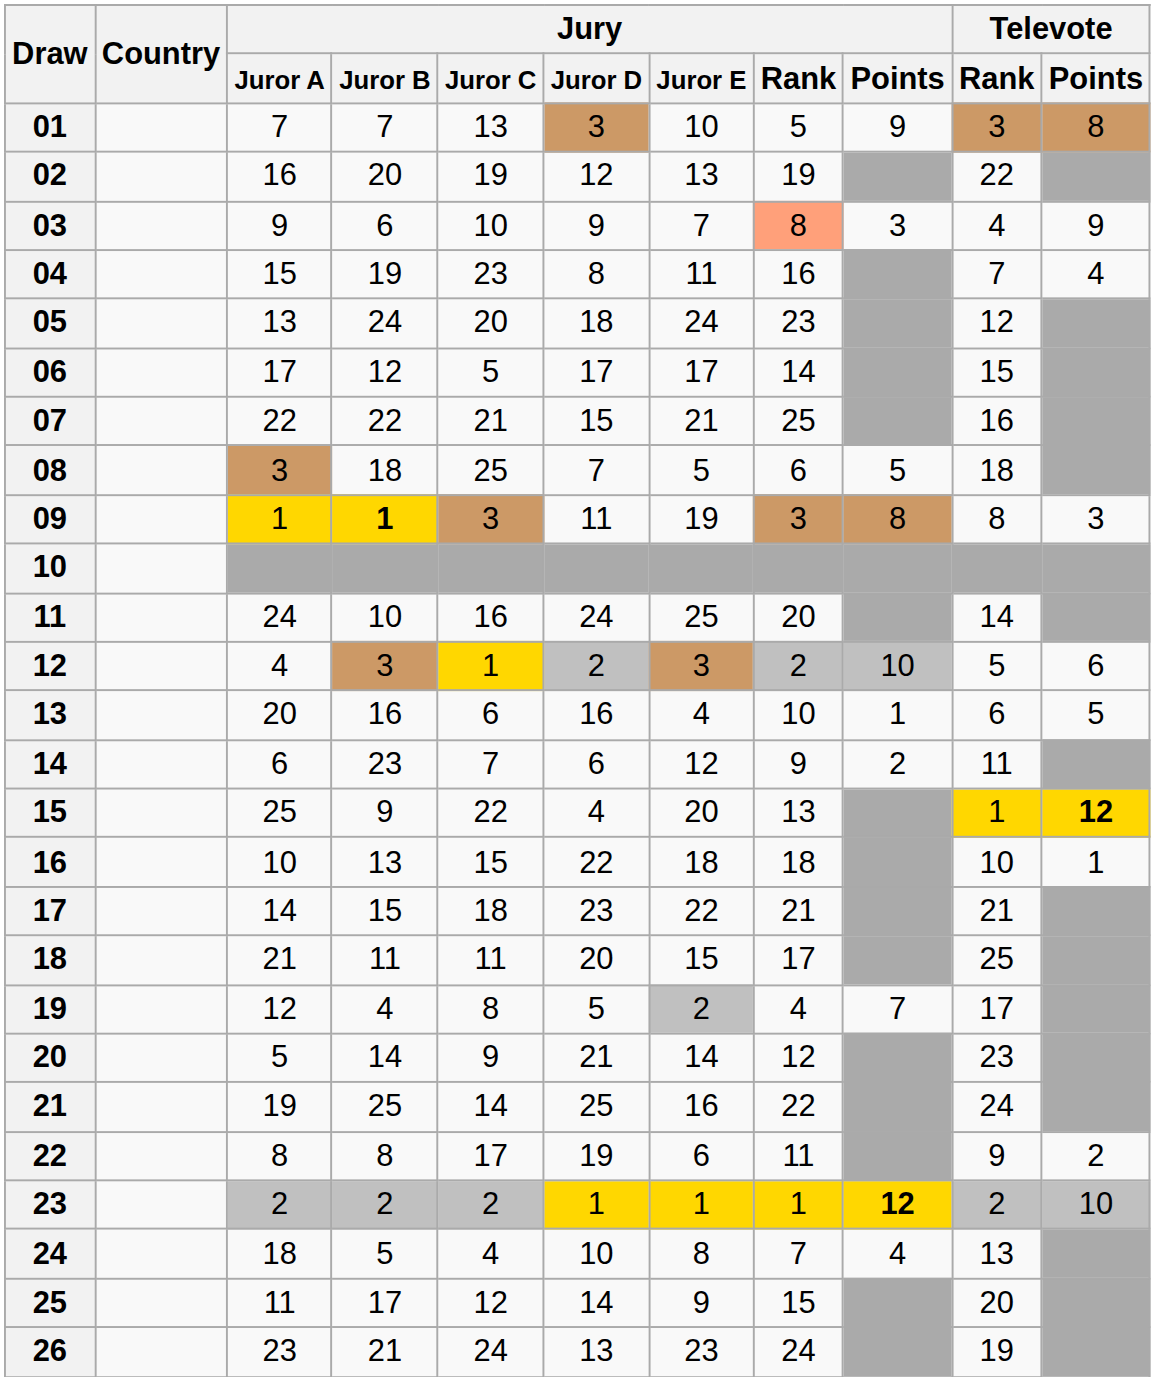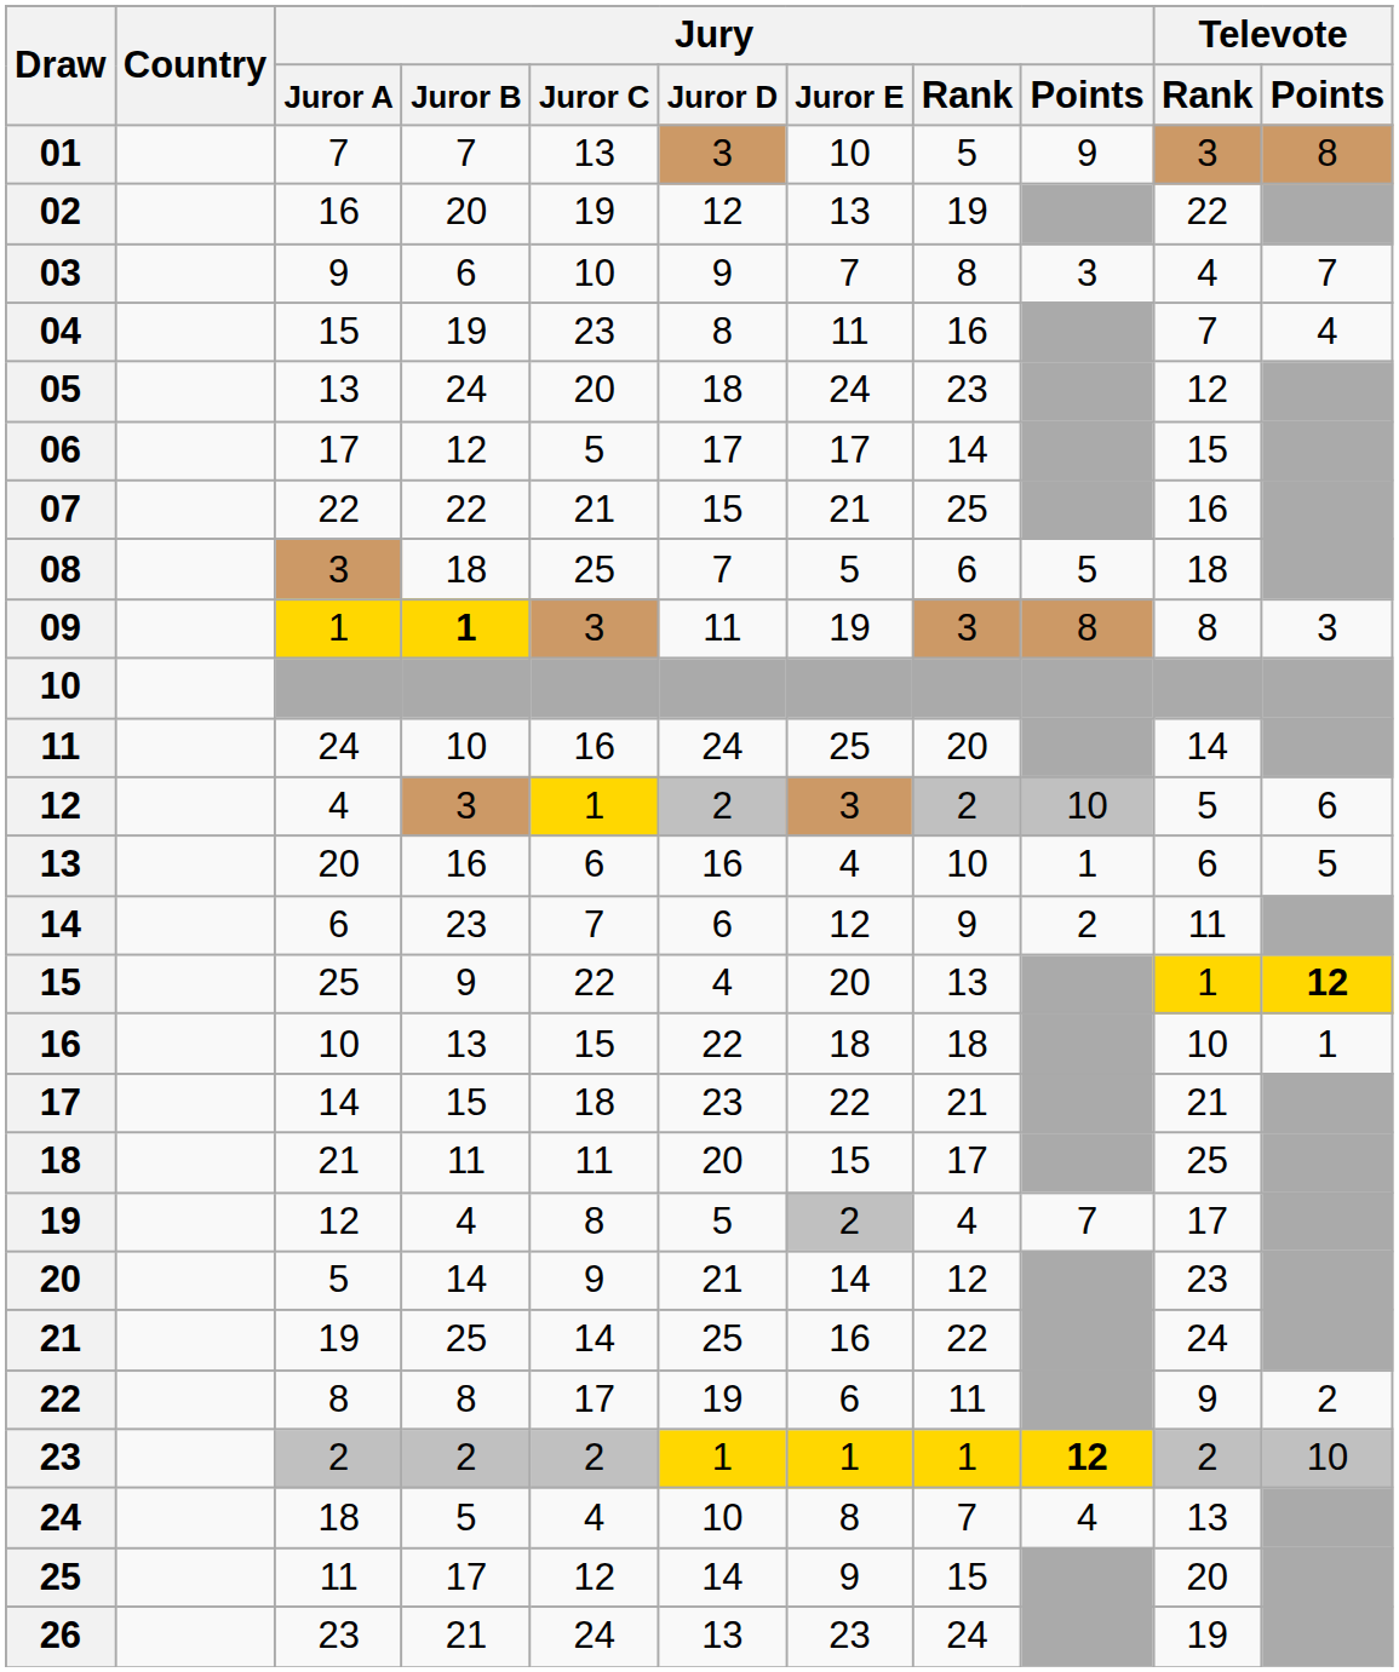 <table class="sortable wikitable collapsible plainrowheaders" style="text-align:center;">
 <tr>
 </tr>
 <tr>
 <th scope="col" rowspan="2">Draw</th>
 <th scope="col" rowspan="2">Country</th>
 <th scope="col" colspan="7">Jury</th>
 <th scope="col" colspan="2">Televote</th>
 </tr>
 <tr>
 <th scope="col"><small>Juror A</small></th>
 <th scope="col"><small>Juror B</small></th>
 <th scope="col"><small>Juror C</small></th>
 <th scope="col"><small>Juror D</small></th>
 <th scope="col"><small>Juror E</small></th>
 <th scope="col">Rank</th>
 <th scope="col" class="unsortable">Points</th>
 <th scope="col">Rank</th>
 <th scope="col" class="unsortable">Points</th>
 </tr>
 <tr>
 <th scope="row" style="text-align:center;">01</th>
 <td style="text-align:left;"></td>
 <td>7</td>
 <td>7</td>
 <td>13</td>
 <td style="background:#CC9966;">3</td>
 <td>10</td>
 <td>5</td>
 <td>9</td>
 <td style="background:#CC9966;">3</td>
 <td style="background:#CC9966;">8</td>
 </tr>
 <tr>
 <th scope="row" style="text-align:center;">02</th>
 <td style="text-align:left;"></td>
 <td>16</td>
 <td>20</td>
 <td>19</td>
 <td>12</td>
 <td>13</td>
 <td>19</td>
 <td style="background:#AAAAAA;"></td>
 <td>22</td>
 <td style="background:#AAAAAA;"></td>
 </tr>
 <tr>
 <th scope="row" style="text-align:center;">03</th>
 <td style="text-align:left;"></td>
 <td>9</td>
 <td>6</td>
 <td>10</td>
 <td>9</td>
 <td>7</td>
-<td style="background: lightsalmon;">8</td>
+<td>8</td>
 <td>3</td>
 <td>4</td>
-<td>9</td>
+<td>7</td>
 </tr>
 <tr>
 <th scope="row" style="text-align:center;">04</th>
 <td style="text-align:left;"></td>
 <td>15</td>
 <td>19</td>
 <td>23</td>
 <td>8</td>
 <td>11</td>
 <td>16</td>
 <td style="background:#AAAAAA;"></td>
 <td>7</td>
 <td>4</td>
 </tr>
 <tr>
 <th scope="row" style="text-align:center;">05</th>
 <td style="text-align:left;"></td>
 <td>13</td>
 <td>24</td>
 <td>20</td>
 <td>18</td>
 <td>24</td>
 <td>23</td>
 <td style="background:#AAAAAA;"></td>
 <td>12</td>
 <td style="background:#AAAAAA;"></td>
 </tr>
 <tr>
 <th scope="row" style="text-align:center;">06</th>
 <td style="text-align:left;"></td>
 <td>17</td>
 <td>12</td>
 <td>5</td>
 <td>17</td>
 <td>17</td>
 <td>14</td>
 <td style="background:#AAAAAA;"></td>
 <td>15</td>
 <td style="background:#AAAAAA;"></td>
 </tr>
 <tr>
 <th scope="row" style="text-align:center;">07</th>
 <td style="text-align:left;"></td>
 <td>22</td>
 <td>22</td>
 <td>21</td>
 <td>15</td>
 <td>21</td>
 <td>25</td>
 <td style="background:#AAAAAA;"></td>
 <td>16</td>
 <td style="background:#AAAAAA;"></td>
 </tr>
 <tr>
 <th scope="row" style="text-align:center;">08</th>
 <td style="text-align:left;"></td>
 <td style="background:#CC9966;">3</td>
 <td>18</td>
 <td>25</td>
 <td>7</td>
 <td>5</td>
 <td>6</td>
 <td>5</td>
 <td>18</td>
 <td style="background:#AAAAAA;"></td>
 </tr>
 <tr>
 <th scope="row" style="text-align:center;">09</th>
 <td style="text-align:left;"></td>
 <td style="background:gold;">1</td>
 <td style="background:gold;"><strong>1</strong></td>
 <td style="background:#CC9966;">3</td>
 <td>11</td>
 <td>19</td>
 <td style="background:#CC9966;">3</td>
 <td style="background:#CC9966;">8</td>
 <td>8</td>
 <td>3</td>
 </tr>
 <tr class=sortbottom>
 <th scope="row" style="text-align:center;">10</th>
 <td style="text-align:left;"></td>
 <td style="background:#AAAAAA;"></td>
 <td style="background:#AAAAAA;"></td>
 <td style="background:#AAAAAA;"></td>
 <td style="background:#AAAAAA;"></td>
 <td style="background:#AAAAAA;"></td>
 <td style="background:#AAAAAA;"></td>
 <td style="background:#AAAAAA;"></td>
 <td style="background:#AAAAAA;"></td>
 <td style="background:#AAAAAA;"></td>
 </tr>
 <tr>
 <th scope="row" style="text-align:center;">11</th>
 <td style="text-align:left;"></td>
 <td>24</td>
 <td>10</td>
 <td>16</td>
 <td>24</td>
 <td>25</td>
 <td>20</td>
 <td style="background:#AAAAAA;"></td>
 <td>14</td>
 <td style="background:#AAAAAA;"></td>
 </tr>
 <tr>
 <th scope="row" style="text-align:center;">12</th>
 <td style="text-align:left;"></td>
 <td>4</td>
 <td style="background:#CC9966;">3</td>
 <td style="background:gold;">1</td>
 <td style="background:silver;">2</td>
 <td style="background:#CC9966;">3</td>
 <td style="background:silver;">2</td>
 <td style="background:silver;">10</td>
 <td>5</td>
 <td>6</td>
 </tr>
 <tr>
 <th scope="row" style="text-align:center;">13</th>
 <td style="text-align:left;"></td>
 <td>20</td>
 <td>16</td>
 <td>6</td>
 <td>16</td>
 <td>4</td>
 <td>10</td>
 <td>1</td>
 <td>6</td>
 <td>5</td>
 </tr>
 <tr>
 <th scope="row" style="text-align:center;">14</th>
 <td style="text-align:left;"></td>
 <td>6</td>
 <td>23</td>
 <td>7</td>
 <td>6</td>
 <td>12</td>
 <td>9</td>
 <td>2</td>
 <td>11</td>
 <td style="background:#AAAAAA;"></td>
 </tr>
 <tr>
 <th scope="row" style="text-align:center;">15</th>
 <td style="text-align:left;"></td>
 <td>25</td>
 <td>9</td>
 <td>22</td>
 <td>4</td>
 <td>20</td>
 <td>13</td>
 <td style="background:#AAAAAA;"></td>
 <td style="background:gold;">1</td>
 <td style="background:gold;"><strong>12</strong></td>
 </tr>
 <tr>
 <th scope="row" style="text-align:center;">16</th>
 <td style="text-align:left;"></td>
 <td>10</td>
 <td>13</td>
 <td>15</td>
 <td>22</td>
 <td>18</td>
 <td>18</td>
 <td style="background:#AAAAAA;"></td>
 <td>10</td>
 <td>1</td>
 </tr>
 <tr>
 <th scope="row" style="text-align:center;">17</th>
 <td style="text-align:left;"></td>
 <td>14</td>
 <td>15</td>
 <td>18</td>
 <td>23</td>
 <td>22</td>
 <td>21</td>
 <td style="background:#AAAAAA;"></td>
 <td>21</td>
 <td style="background:#AAAAAA;"></td>
 </tr>
 <tr>
 <th scope="row" style="text-align:center;">18</th>
 <td style="text-align:left;"></td>
 <td>21</td>
 <td>11</td>
 <td>11</td>
 <td>20</td>
 <td>15</td>
 <td>17</td>
 <td style="background:#AAAAAA;"></td>
 <td>25</td>
 <td style="background:#AAAAAA;"></td>
 </tr>
 <tr>
 <th scope="row" style="text-align:center;">19</th>
 <td style="text-align:left;"></td>
 <td>12</td>
 <td>4</td>
 <td>8</td>
 <td>5</td>
 <td style="background:silver;">2</td>
 <td>4</td>
 <td>7</td>
 <td>17</td>
 <td style="background:#AAAAAA;"></td>
 </tr>
 <tr>
 <th scope="row" style="text-align:center;">20</th>
 <td style="text-align:left;"></td>
 <td>5</td>
 <td>14</td>
 <td>9</td>
 <td>21</td>
 <td>14</td>
 <td>12</td>
 <td style="background:#AAAAAA;"></td>
 <td>23</td>
 <td style="background:#AAAAAA;"></td>
 </tr>
 <tr>
 <th scope="row" style="text-align:center;">21</th>
 <td style="text-align:left;"></td>
 <td>19</td>
 <td>25</td>
 <td>14</td>
 <td>25</td>
 <td>16</td>
 <td>22</td>
 <td style="background:#AAAAAA;"></td>
 <td>24</td>
 <td style="background:#AAAAAA;"></td>
 </tr>
 <tr>
 <th scope="row" style="text-align:center;">22</th>
 <td style="text-align:left;"></td>
 <td>8</td>
 <td>8</td>
 <td>17</td>
 <td>19</td>
 <td>6</td>
 <td>11</td>
 <td style="background:#AAAAAA;"></td>
 <td>9</td>
 <td>2</td>
 </tr>
 <tr>
 <th scope="row" style="text-align:center;">23</th>
 <td style="text-align:left;"></td>
 <td style="background:silver;">2</td>
 <td style="background:silver;">2</td>
 <td style="background:silver;">2</td>
 <td style="background:gold;">1</td>
 <td style="background:gold;">1</td>
 <td style="background:gold;">1</td>
 <td style="background:gold;"><strong>12</strong></td>
 <td style="background:silver;">2</td>
 <td style="background:silver;">10</td>
 </tr>
 <tr>
 <th scope="row" style="text-align:center;">24</th>
 <td style="text-align:left;"></td>
 <td>18</td>
 <td>5</td>
 <td>4</td>
 <td>10</td>
 <td>8</td>
 <td>7</td>
 <td>4</td>
 <td>13</td>
 <td style="background:#AAAAAA;"></td>
 </tr>
 <tr>
 <th scope="row" style="text-align:center;">25</th>
 <td style="text-align:left;"></td>
 <td>11</td>
 <td>17</td>
 <td>12</td>
 <td>14</td>
 <td>9</td>
 <td>15</td>
 <td style="background:#AAAAAA;"></td>
 <td>20</td>
 <td style="background:#AAAAAA;"></td>
 </tr>
 <tr>
 <th scope="row" style="text-align:center;">26</th>
 <td style="text-align:left;"></td>
 <td>23</td>
 <td>21</td>
 <td>24</td>
 <td>13</td>
 <td>23</td>
 <td>24</td>
 <td style="background:#AAAAAA;"></td>
 <td>19</td>
 <td style="background:#AAAAAA;"></td>
 </tr>
 </table>
